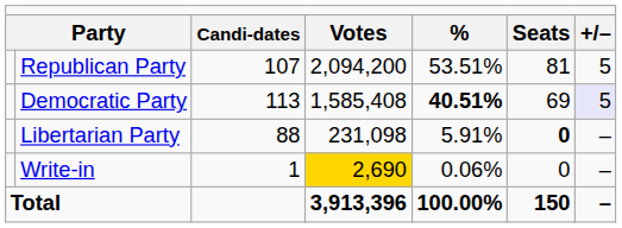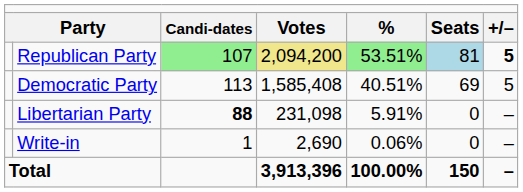 <table class="wikitable" style="font-size:100%; text-align:right;">
 <tr>
 <td colspan="15" align="center"></td>
 </tr>
 <tr>
 <th colspan="2">Party</th>
 <th><small>Candi-</small><small>dates</small></th>
 <th>Votes</th>
 <th>%</th>
 <th>Seats</th>
 <th>+/–</th>
 </tr>
 <tr>
 <td style="background:"></td>
 <td align="left"><a href='#'>Republican Party</a></td>
-<td>107</td>
-<td>2,094,200</td>
-<td>53.51%</td>
-<td>81</td>
-<td>5</td>
+<td style="background: lightgreen;">107</td>
+<td style="background: khaki;">2,094,200</td>
+<td style="background: lightgreen;">53.51%</td>
+<td style="background: lightblue;">81</td>
+<td><strong>5</strong></td>
 </tr>
 <tr>
 <td style="background:"></td>
 <td align="left"><a href='#'>Democratic Party</a></td>
 <td>113</td>
 <td>1,585,408</td>
-<td><strong>40.51%</strong></td>
+<td>40.51%</td>
 <td>69</td>
-<td style="background: lavender;">5</td>
+<td>5</td>
 </tr>
 <tr>
 <td style="background:"></td>
 <td align="left"><a href='#'>Libertarian Party</a></td>
-<td>88</td>
+<td><strong>88</strong></td>
 <td>231,098</td>
 <td>5.91%</td>
-<td><strong>0</strong></td>
+<td>0</td>
 <td>–</td>
 </tr>
 <tr>
 <td style="background:"></td>
 <td align="left"><a href='#'>Write-in</a></td>
 <td>1</td>
-<td style="background: gold;">2,690</td>
+<td>2,690</td>
 <td>0.06%</td>
 <td>0</td>
 <td>–</td>
 </tr>
 <tr style="font-weight:bold">
 <td colspan="2" align="left">Total</td>
 <td></td>
 <td>3,913,396</td>
 <td>100.00%</td>
 <td>150</td>
 <td>–</td>
 </tr>
 </table>
